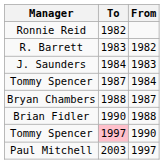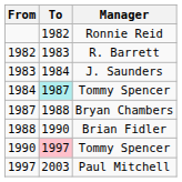 <table class="wikitable" style="text-align: center">
 <tr>
+<th>From</th>
+<th>To</th>
 <th>Manager</th>
-<th>To</th>
-<th>From</th>
 </tr>
 <tr>
+<td></td>
+<td>1982</td>
 <td>Ronnie Reid</td>
-<td>1982</td>
-<td></td>
 </tr>
 <tr>
+<td>1982</td>
+<td>1983</td>
 <td>R. Barrett</td>
-<td>1983</td>
-<td>1982</td>
 </tr>
 <tr>
+<td>1983</td>
+<td>1984</td>
 <td>J. Saunders</td>
-<td>1984</td>
-<td>1983</td>
 </tr>
 <tr>
+<td>1984</td>
+<td style="background: paleturquoise;">1987</td>
 <td>Tommy Spencer</td>
-<td>1987</td>
-<td>1984</td>
 </tr>
 <tr>
+<td>1987</td>
+<td>1988</td>
 <td>Bryan Chambers</td>
-<td>1988</td>
-<td>1987</td>
 </tr>
 <tr>
+<td>1988</td>
+<td>1990</td>
 <td>Brian Fidler</td>
-<td>1990</td>
-<td>1988</td>
 </tr>
 <tr>
+<td>1990</td>
+<td style="background: pink;">1997</td>
 <td>Tommy Spencer</td>
-<td style="background: pink;">1997</td>
-<td>1990</td>
 </tr>
 <tr>
+<td>1997</td>
+<td>2003</td>
 <td>Paul Mitchell</td>
-<td>2003</td>
-<td>1997</td>
 </tr>
 </table>
